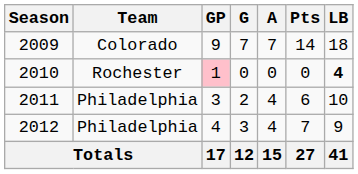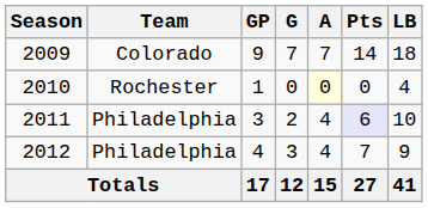 <table class="wikitable" style="text-align:center">
 <tr>
 <th>Season</th>
 <th>Team</th>
 <th>GP</th>
 <th>G</th>
 <th>A</th>
 <th>Pts</th>
 <th>LB</th>
 </tr>
 <tr>
 <td>2009</td>
 <td>Colorado</td>
 <td>9</td>
 <td>7</td>
 <td>7</td>
 <td>14</td>
 <td>18</td>
 </tr>
 <tr>
 <td>2010</td>
 <td>Rochester</td>
-<td style="background: pink;">1</td>
+<td>1</td>
 <td>0</td>
+<td style="background: lightyellow;">0</td>
 <td>0</td>
-<td>0</td>
-<td><strong>4</strong></td>
+<td>4</td>
 </tr>
 <tr>
 <td>2011</td>
 <td>Philadelphia</td>
 <td>3</td>
 <td>2</td>
 <td>4</td>
-<td>6</td>
+<td style="background: lavender;">6</td>
 <td>10</td>
 </tr>
 <tr>
 <td>2012</td>
 <td>Philadelphia</td>
 <td>4</td>
 <td>3</td>
 <td>4</td>
 <td>7</td>
 <td>9</td>
 </tr>
 <tr ALIGN="center" bgcolor="#e0e0e0">
 <th colspan="2">Totals</th>
 <th>17</th>
 <th>12</th>
 <th>15</th>
 <th>27</th>
 <th>41</th>
 </tr>
 </table>
